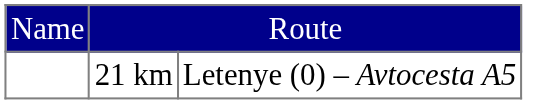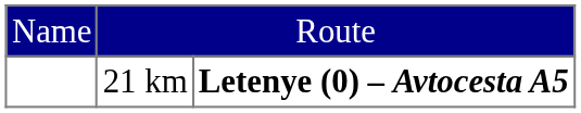 <table border=1 cellpadding=2 style="margin-left:1em; margin-bottom: 1em; color: black; border-collapse: collapse; font-size: 95%;">
 <tr align="center" bgcolor="00008B" style="color: white;">
 <td>Name</td>
 <td colspan=2>Route</td>
 </tr>
 <tr>
 <td></td>
 <td align="right">21 km</td>
-<td> Letenye  (0) –   <em>Avtocesta A5</em></td>
+<td><strong> Letenye  (0) –   <em>Avtocesta A5</em></strong></td>
 </tr>
 </table>
